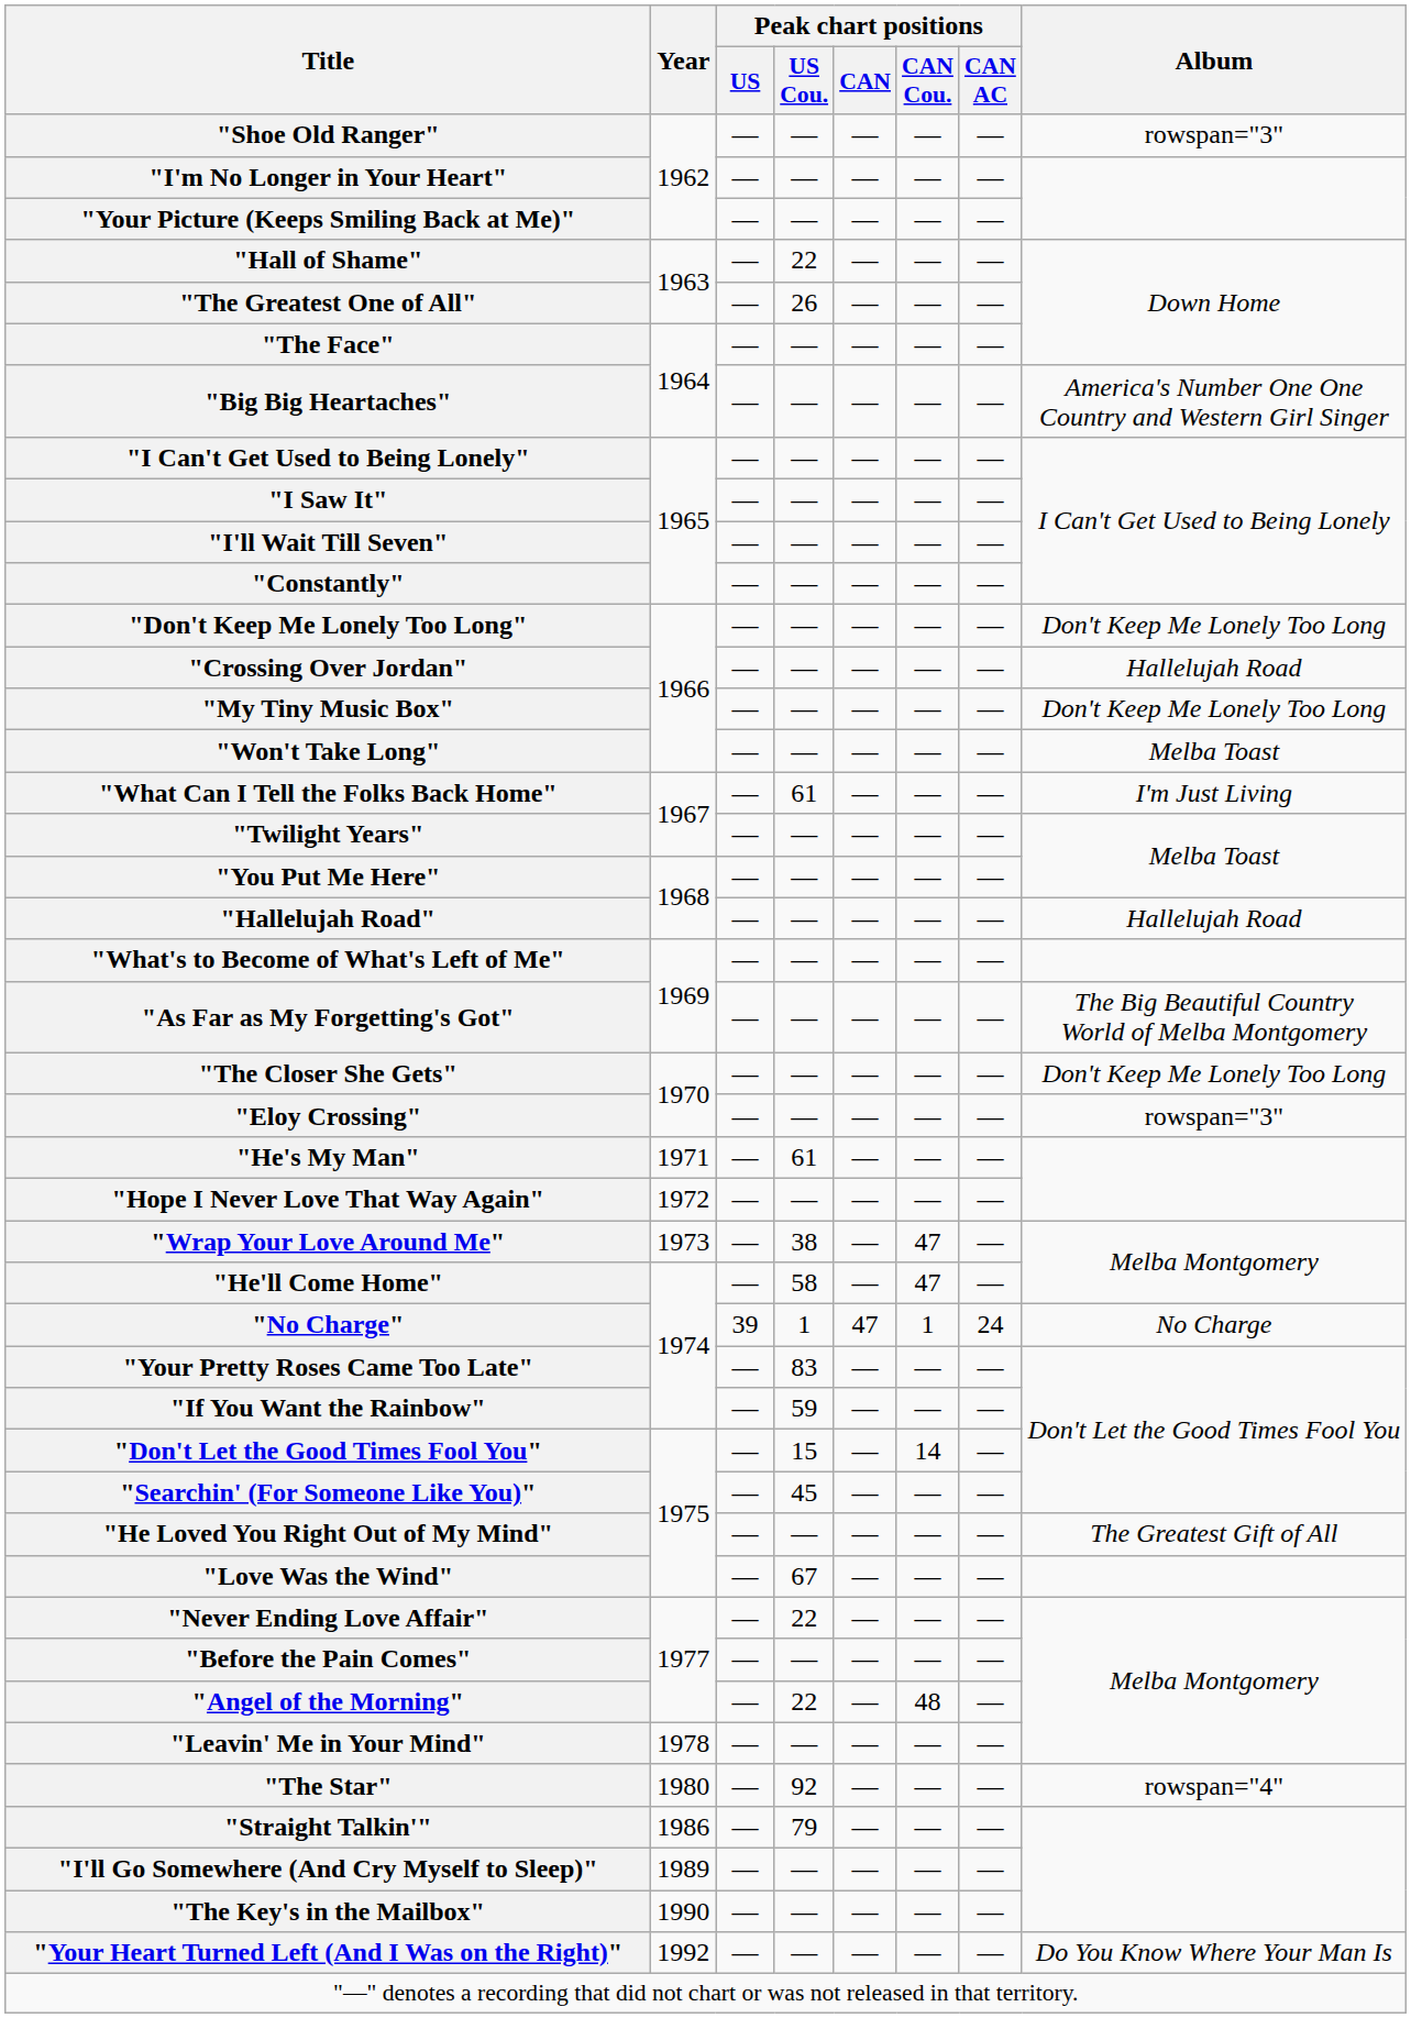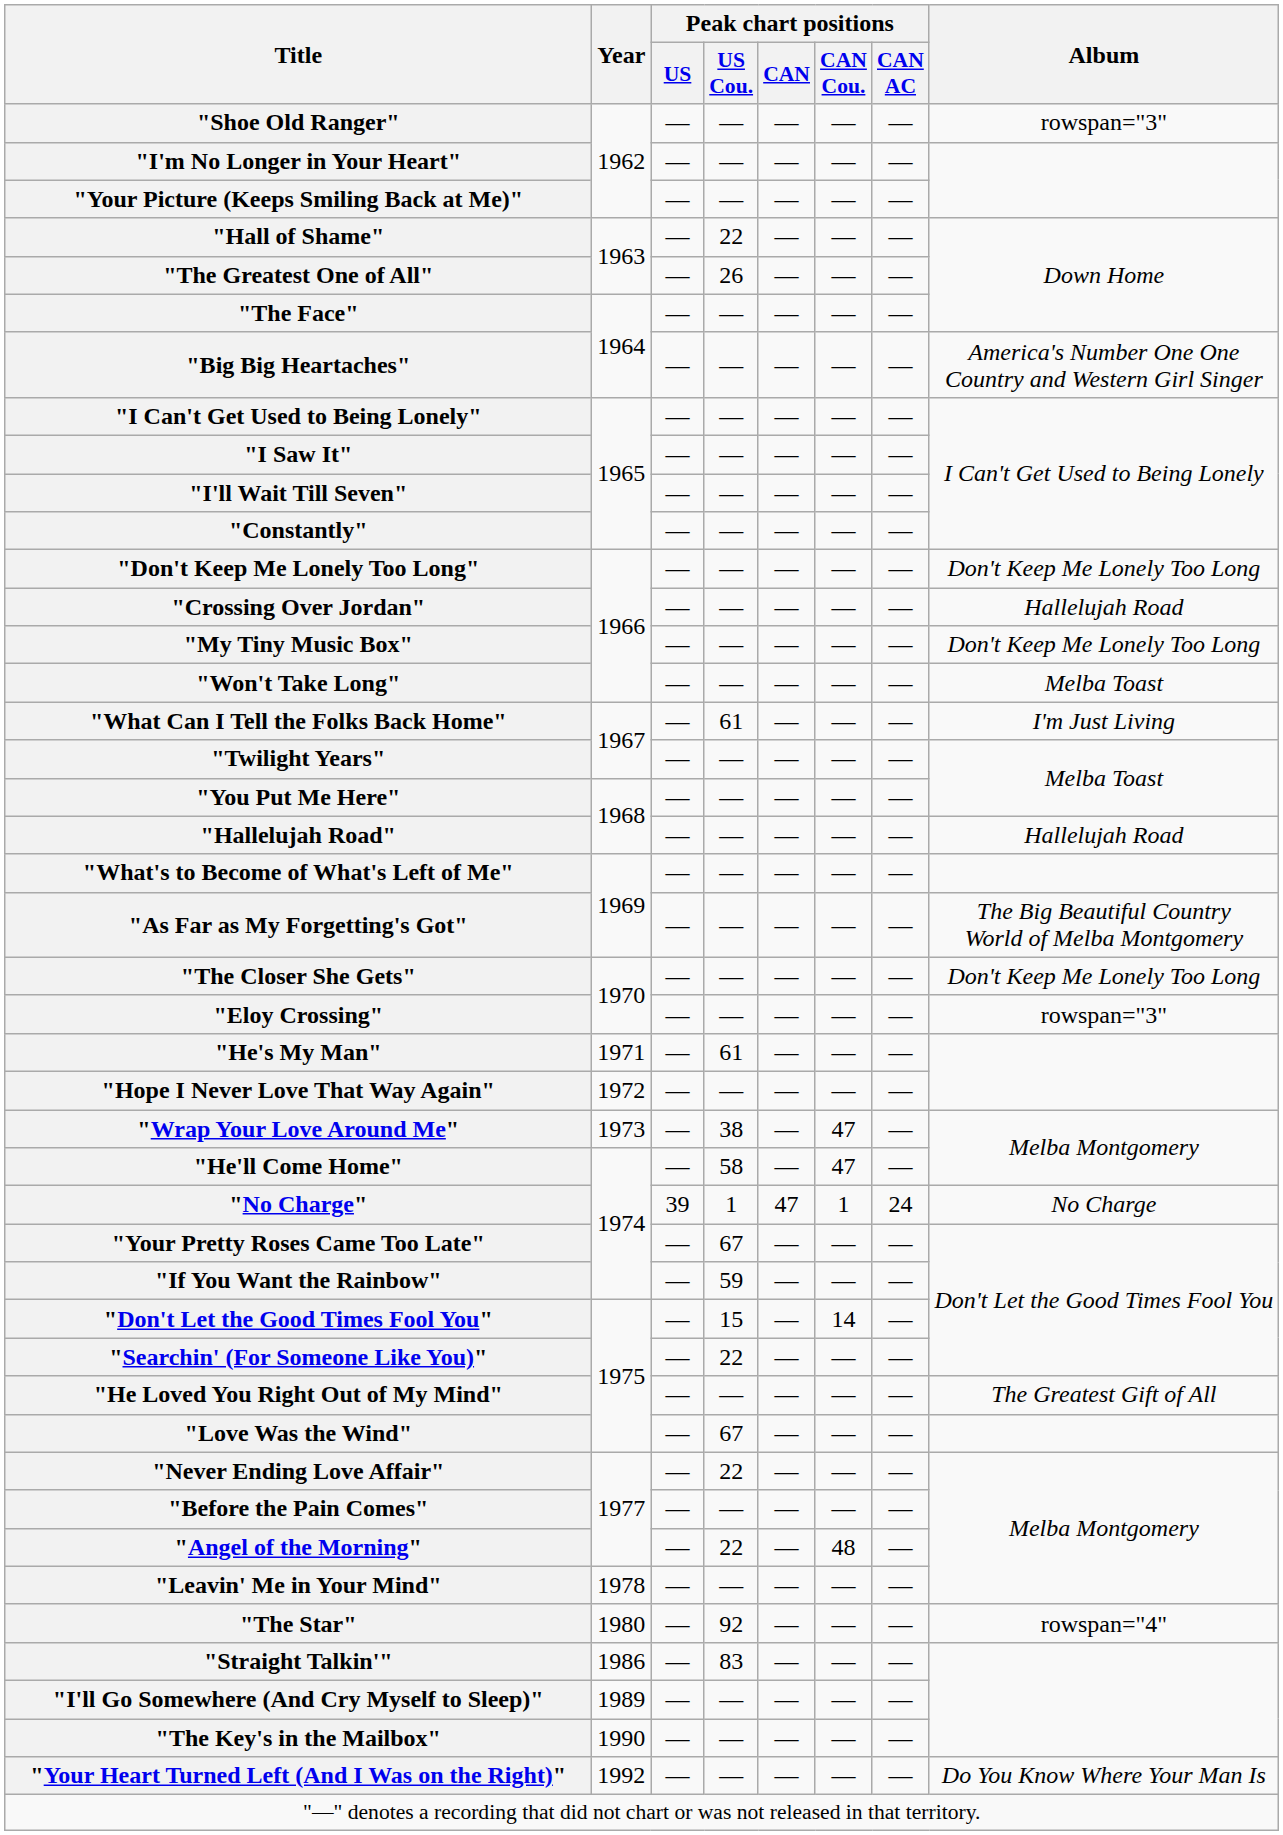 <table class="wikitable plainrowheaders" style="text-align:center;" border="1">
 <tr>
 <th scope="col" rowspan="2" style="width:24em;">Title</th>
 <th scope="col" rowspan="2">Year</th>
 <th scope="col" colspan="5">Peak chart positions</th>
 <th scope="col" rowspan="2">Album</th>
 </tr>
 <tr>
 <th scope="col" style="width:2em;font-size:90%;"><a href='#'>US</a><br></th>
 <th scope="col" style="width:2em;font-size:90%;"><a href='#'>US<br>Cou.</a><br></th>
 <th scope="col" style="width:2em;font-size:90%;"><a href='#'>CAN</a><br></th>
 <th scope="col" style="width:2em;font-size:90%;"><a href='#'>CAN<br>Cou.</a><br></th>
 <th scope="col" style="width:2em;font-size:90%;"><a href='#'>CAN<br>AC</a><br></th>
 </tr>
 <tr>
 <th scope="row">"Shoe Old Ranger"</th>
 <td rowspan="3">1962</td>
 <td>—</td>
 <td>—</td>
 <td>—</td>
 <td>—</td>
 <td>—</td>
 <td>rowspan="3" </td>
 </tr>
 <tr>
 <th scope="row">"I'm No Longer in Your Heart"</th>
 <td>—</td>
 <td>—</td>
 <td>—</td>
 <td>—</td>
 <td>—</td>
 </tr>
 <tr>
 <th scope="row">"Your Picture (Keeps Smiling Back at Me)"</th>
 <td>—</td>
 <td>—</td>
 <td>—</td>
 <td>—</td>
 <td>—</td>
 </tr>
 <tr>
 <th scope="row">"Hall of Shame"</th>
 <td rowspan="2">1963</td>
 <td>—</td>
 <td>22</td>
 <td>—</td>
 <td>—</td>
 <td>—</td>
 <td rowspan="3"><em>Down Home</em></td>
 </tr>
 <tr>
 <th scope="row">"The Greatest One of All"</th>
 <td>—</td>
 <td>26</td>
 <td>—</td>
 <td>—</td>
 <td>—</td>
 </tr>
 <tr>
 <th scope="row">"The Face"</th>
 <td rowspan="2">1964</td>
 <td>—</td>
 <td>—</td>
 <td>—</td>
 <td>—</td>
 <td>—</td>
 </tr>
 <tr>
 <th scope="row">"Big Big Heartaches"</th>
 <td>—</td>
 <td>—</td>
 <td>—</td>
 <td>—</td>
 <td>—</td>
 <td><em>America's Number One One<br>Country and Western Girl Singer</em></td>
 </tr>
 <tr>
 <th scope="row">"I Can't Get Used to Being Lonely"</th>
 <td rowspan="4">1965</td>
 <td>—</td>
 <td>—</td>
 <td>—</td>
 <td>—</td>
 <td>—</td>
 <td rowspan="4"><em>I Can't Get Used to Being Lonely</em></td>
 </tr>
 <tr>
 <th scope="row">"I Saw It"</th>
 <td>—</td>
 <td>—</td>
 <td>—</td>
 <td>—</td>
 <td>—</td>
 </tr>
 <tr>
 <th scope="row">"I'll Wait Till Seven"</th>
 <td>—</td>
 <td>—</td>
 <td>—</td>
 <td>—</td>
 <td>—</td>
 </tr>
 <tr>
 <th scope="row">"Constantly"</th>
 <td>—</td>
 <td>—</td>
 <td>—</td>
 <td>—</td>
 <td>—</td>
 </tr>
 <tr>
 <th scope="row">"Don't Keep Me Lonely Too Long"</th>
 <td rowspan="4">1966</td>
 <td>—</td>
 <td>—</td>
 <td>—</td>
 <td>—</td>
 <td>—</td>
 <td><em>Don't Keep Me Lonely Too Long</em> </td>
 </tr>
 <tr>
 <th scope="row">"Crossing Over Jordan"</th>
 <td>—</td>
 <td>—</td>
 <td>—</td>
 <td>—</td>
 <td>—</td>
 <td><em>Hallelujah Road</em></td>
 </tr>
 <tr>
 <th scope="row">"My Tiny Music Box"</th>
 <td>—</td>
 <td>—</td>
 <td>—</td>
 <td>—</td>
 <td>—</td>
 <td><em>Don't Keep Me Lonely Too Long</em> </td>
 </tr>
 <tr>
 <th scope="row">"Won't Take Long"</th>
 <td>—</td>
 <td>—</td>
 <td>—</td>
 <td>—</td>
 <td>—</td>
 <td><em>Melba Toast</em></td>
 </tr>
 <tr>
 <th scope="row">"What Can I Tell the Folks Back Home"</th>
 <td rowspan="2">1967</td>
 <td>—</td>
 <td>61</td>
 <td>—</td>
 <td>—</td>
 <td>—</td>
 <td><em>I'm Just Living</em></td>
 </tr>
 <tr>
 <th scope="row">"Twilight Years"</th>
 <td>—</td>
 <td>—</td>
 <td>—</td>
 <td>—</td>
 <td>—</td>
 <td rowspan="2"><em>Melba Toast</em></td>
 </tr>
 <tr>
 <th scope="row">"You Put Me Here"</th>
 <td rowspan="2">1968</td>
 <td>—</td>
 <td>—</td>
 <td>—</td>
 <td>—</td>
 <td>—</td>
 </tr>
 <tr>
 <th scope="row">"Hallelujah Road"</th>
 <td>—</td>
 <td>—</td>
 <td>—</td>
 <td>—</td>
 <td>—</td>
 <td><em>Hallelujah Road</em></td>
 </tr>
 <tr>
 <th scope="row">"What's to Become of What's Left of Me"</th>
 <td rowspan="2">1969</td>
 <td>—</td>
 <td>—</td>
 <td>—</td>
 <td>—</td>
 <td>—</td>
 <td></td>
 </tr>
 <tr>
 <th scope="row">"As Far as My Forgetting's Got"</th>
 <td>—</td>
 <td>—</td>
 <td>—</td>
 <td>—</td>
 <td>—</td>
 <td><em>The Big Beautiful Country<br>World of Melba Montgomery</em></td>
 </tr>
 <tr>
 <th scope="row">"The Closer She Gets"</th>
 <td rowspan="2">1970</td>
 <td>—</td>
 <td>—</td>
 <td>—</td>
 <td>—</td>
 <td>—</td>
 <td><em>Don't Keep Me Lonely Too Long</em> </td>
 </tr>
 <tr>
 <th scope="row">"Eloy Crossing"</th>
 <td>—</td>
 <td>—</td>
 <td>—</td>
 <td>—</td>
 <td>—</td>
 <td>rowspan="3" </td>
 </tr>
 <tr>
 <th scope="row">"He's My Man"</th>
 <td>1971</td>
 <td>—</td>
 <td>61</td>
 <td>—</td>
 <td>—</td>
 <td>—</td>
 </tr>
 <tr>
 <th scope="row">"Hope I Never Love That Way Again"</th>
 <td>1972</td>
 <td>—</td>
 <td>—</td>
 <td>—</td>
 <td>—</td>
 <td>—</td>
 </tr>
 <tr>
 <th scope="row">"<a href='#'>Wrap Your Love Around Me</a>"</th>
 <td>1973</td>
 <td>—</td>
 <td>38</td>
 <td>—</td>
 <td>47</td>
 <td>—</td>
 <td rowspan="2"><em>Melba Montgomery</em> </td>
 </tr>
 <tr>
 <th scope="row">"He'll Come Home"</th>
 <td rowspan="4">1974</td>
 <td>—</td>
 <td>58</td>
 <td>—</td>
 <td>47</td>
 <td>—</td>
 </tr>
 <tr>
 <th scope="row">"<a href='#'>No Charge</a>"</th>
 <td>39</td>
 <td>1</td>
 <td>47</td>
 <td>1</td>
 <td>24</td>
 <td><em>No Charge</em></td>
 </tr>
 <tr>
 <th scope="row">"Your Pretty Roses Came Too Late"</th>
 <td>—</td>
-<td>83</td>
+<td>67</td>
 <td>—</td>
 <td>—</td>
 <td>—</td>
 <td rowspan="4"><em>Don't Let the Good Times Fool You</em></td>
 </tr>
 <tr>
 <th scope="row">"If You Want the Rainbow"</th>
 <td>—</td>
 <td>59</td>
 <td>—</td>
 <td>—</td>
 <td>—</td>
 </tr>
 <tr>
 <th scope="row">"<a href='#'>Don't Let the Good Times Fool You</a>"</th>
 <td rowspan="4">1975</td>
 <td>—</td>
 <td>15</td>
 <td>—</td>
 <td>14</td>
 <td>—</td>
 </tr>
 <tr>
 <th scope="row">"<a href='#'>Searchin' (For Someone Like You)</a>"</th>
 <td>—</td>
-<td>45</td>
+<td>22</td>
 <td>—</td>
 <td>—</td>
 <td>—</td>
 </tr>
 <tr>
 <th scope="row">"He Loved You Right Out of My Mind"</th>
 <td>—</td>
 <td>—</td>
 <td>—</td>
 <td>—</td>
 <td>—</td>
 <td><em>The Greatest Gift of All</em></td>
 </tr>
 <tr>
 <th scope="row">"Love Was the Wind"</th>
 <td>—</td>
 <td>67</td>
 <td>—</td>
 <td>—</td>
 <td>—</td>
 <td></td>
 </tr>
 <tr>
 <th scope="row">"Never Ending Love Affair"</th>
 <td rowspan="3">1977</td>
 <td>—</td>
 <td>22</td>
 <td>—</td>
 <td>—</td>
 <td>—</td>
 <td rowspan="4"><em>Melba Montgomery</em> </td>
 </tr>
 <tr>
 <th scope="row">"Before the Pain Comes"</th>
 <td>—</td>
 <td>—</td>
 <td>—</td>
 <td>—</td>
 <td>—</td>
 </tr>
 <tr>
 <th scope="row">"<a href='#'>Angel of the Morning</a>"</th>
 <td>—</td>
 <td>22</td>
 <td>—</td>
 <td>48</td>
 <td>—</td>
 </tr>
 <tr>
 <th scope="row">"Leavin' Me in Your Mind"</th>
 <td>1978</td>
 <td>—</td>
 <td>—</td>
 <td>—</td>
 <td>—</td>
 <td>—</td>
 </tr>
 <tr>
 <th scope="row">"The Star"</th>
 <td>1980</td>
 <td>—</td>
 <td>92</td>
 <td>—</td>
 <td>—</td>
 <td>—</td>
 <td>rowspan="4" </td>
 </tr>
 <tr>
 <th scope="row">"Straight Talkin'"</th>
 <td>1986</td>
 <td>—</td>
-<td>79</td>
+<td>83</td>
 <td>—</td>
 <td>—</td>
 <td>—</td>
 </tr>
 <tr>
 <th scope="row">"I'll Go Somewhere (And Cry Myself to Sleep)"</th>
 <td>1989</td>
 <td>—</td>
 <td>—</td>
 <td>—</td>
 <td>—</td>
 <td>—</td>
 </tr>
 <tr>
 <th scope="row">"The Key's in the Mailbox"</th>
 <td>1990</td>
 <td>—</td>
 <td>—</td>
 <td>—</td>
 <td>—</td>
 <td>—</td>
 </tr>
 <tr>
 <th scope="row">"<a href='#'>Your Heart Turned Left (And I Was on the Right)</a>"</th>
 <td>1992</td>
 <td>—</td>
 <td>—</td>
 <td>—</td>
 <td>—</td>
 <td>—</td>
 <td><em>Do You Know Where Your Man Is</em></td>
 </tr>
 <tr>
 <td colspan="8" style="font-size:90%">"—" denotes a recording that did not chart or was not released in that territory.</td>
 </tr>
 </table>
